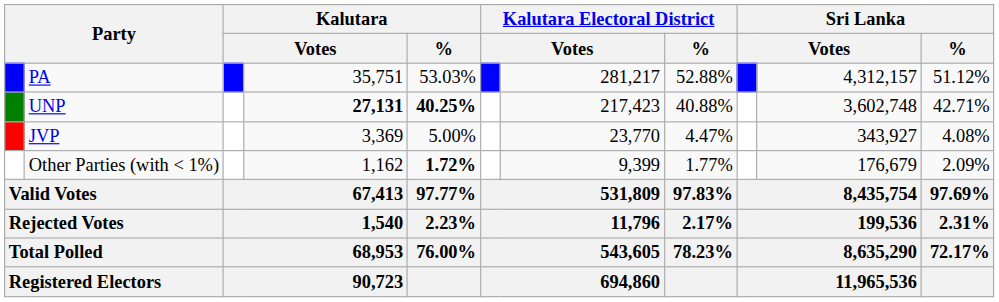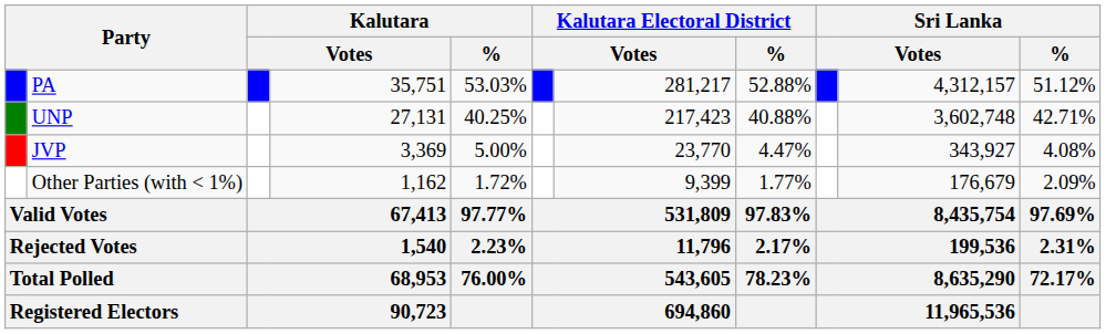 <table class="wikitable">
 <tr>
 <th colspan="2" width="144px"rowspan="2">Party</th>
 <th colspan="3" width="216px">Kalutara</th>
 <th colspan="3" width="216px"><a href='#'>Kalutara Electoral District</a></th>
 <th colspan="3" width="216px">Sri Lanka</th>
 </tr>
 <tr>
 <th colspan="2" width="144px">Votes</th>
 <th>%</th>
 <th colspan="2" width="144px">Votes</th>
 <th>%</th>
 <th colspan="2" width="144px">Votes</th>
 <th>%</th>
 </tr>
 <tr>
 <td style="background-color:blue;" width="10px"></td>
 <td style="text-align:left;"><a href='#'>PA</a></td>
 <td style="background-color:blue;" width="10px"></td>
 <td style="text-align:right;">35,751</td>
 <td style="text-align:right;">53.03%</td>
 <td style="background-color:blue;" width="10px"></td>
 <td style="text-align:right;">281,217</td>
 <td style="text-align:right;">52.88%</td>
 <td style="background-color:blue;" width="10px"></td>
 <td style="text-align:right;">4,312,157</td>
 <td style="text-align:right;">51.12%</td>
 </tr>
 <tr>
 <td style="background-color:green;" width="10px"></td>
 <td style="text-align:left;"><a href='#'>UNP</a></td>
 <td style="background-color:white;" width="10px"></td>
-<td style="text-align:right;"><strong>27,131</strong></td>
-<td style="text-align:right;"><strong>40.25%</strong></td>
+<td style="text-align:right;">27,131</td>
+<td style="text-align:right;">40.25%</td>
 <td style="background-color:white;" width="10px"></td>
 <td style="text-align:right;">217,423</td>
 <td style="text-align:right;">40.88%</td>
 <td style="background-color:white;" width="10px"></td>
 <td style="text-align:right;">3,602,748</td>
 <td style="text-align:right;">42.71%</td>
 </tr>
 <tr>
 <td style="background-color:red;" width="10px"></td>
 <td style="text-align:left;"><a href='#'>JVP</a></td>
 <td style="background-color:white;" width="10px"></td>
 <td style="text-align:right;">3,369</td>
 <td style="text-align:right;">5.00%</td>
 <td style="background-color:white;" width="10px"></td>
 <td style="text-align:right;">23,770</td>
 <td style="text-align:right;">4.47%</td>
 <td style="background-color:white;" width="10px"></td>
 <td style="text-align:right;">343,927</td>
 <td style="text-align:right;">4.08%</td>
 </tr>
 <tr>
 <td style="background-color:white;" width="10px"></td>
 <td style="text-align:left;">Other Parties (with < 1%)</td>
 <td style="background-color:white;" width="10px"></td>
 <td style="text-align:right;">1,162</td>
-<td style="text-align:right;"><strong>1.72%</strong></td>
+<td style="text-align:right;">1.72%</td>
 <td style="background-color:white;" width="10px"></td>
 <td style="text-align:right;">9,399</td>
 <td style="text-align:right;">1.77%</td>
 <td style="background-color:white;" width="10px"></td>
 <td style="text-align:right;">176,679</td>
 <td style="text-align:right;">2.09%</td>
 </tr>
 <tr>
 <th colspan="2" width="144px"style="text-align:left;">Valid Votes</th>
 <th style="text-align:right;"colspan="2" width="144px">67,413</th>
 <th style="text-align:right;">97.77%</th>
 <th style="text-align:right;"colspan="2" width="144px">531,809</th>
 <th style="text-align:right;">97.83%</th>
 <th style="text-align:right;"colspan="2" width="144px">8,435,754</th>
 <th style="text-align:right;">97.69%</th>
 </tr>
 <tr>
 <th colspan="2" width="144px"style="text-align:left;">Rejected Votes</th>
 <th style="text-align:right;"colspan="2" width="144px">1,540</th>
 <th style="text-align:right;">2.23%</th>
 <th style="text-align:right;"colspan="2" width="144px">11,796</th>
 <th style="text-align:right;">2.17%</th>
 <th style="text-align:right;"colspan="2" width="144px">199,536</th>
 <th style="text-align:right;">2.31%</th>
 </tr>
 <tr>
 <th colspan="2" width="144px"style="text-align:left;">Total Polled</th>
 <th style="text-align:right;"colspan="2" width="144px">68,953</th>
 <th style="text-align:right;">76.00%</th>
 <th style="text-align:right;"colspan="2" width="144px">543,605</th>
 <th style="text-align:right;">78.23%</th>
 <th style="text-align:right;"colspan="2" width="144px">8,635,290</th>
 <th style="text-align:right;">72.17%</th>
 </tr>
 <tr>
 <th colspan="2" width="144px"style="text-align:left;">Registered Electors</th>
 <th style="text-align:right;"colspan="2" width="144px">90,723</th>
 <th></th>
 <th style="text-align:right;"colspan="2" width="144px">694,860</th>
 <th></th>
 <th style="text-align:right;"colspan="2" width="144px">11,965,536</th>
 <th></th>
 </tr>
 </table>
